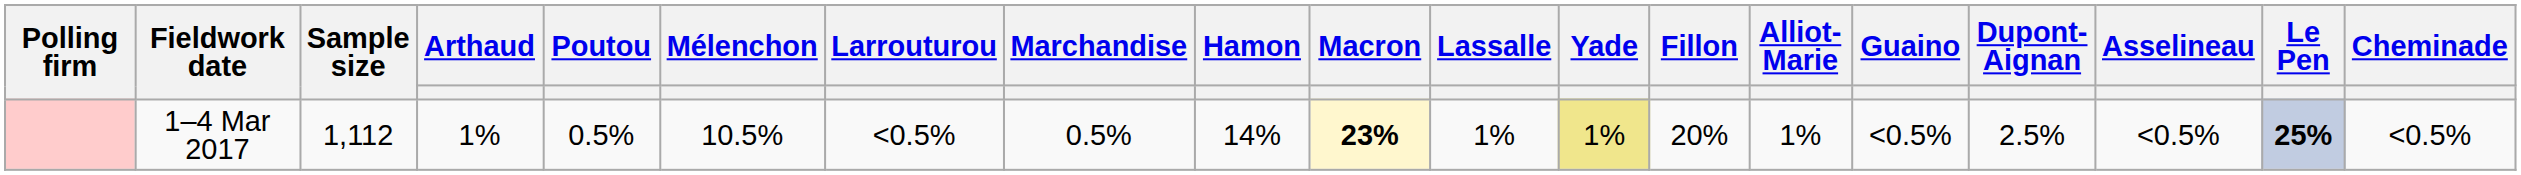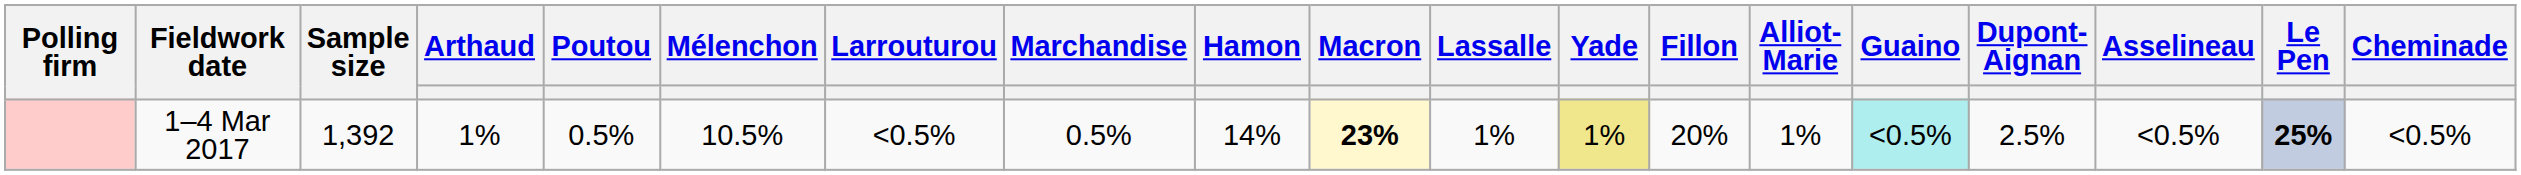 <table class="wikitable sortable" style="text-align:center;font-size:90%;line-height:14px;">
 <tr style="height:40px;">
 <th style="width:100px;" rowspan="2">Polling firm</th>
 <th style="width:110px;" rowspan="2">Fieldwork date</th>
 <th style="width:35px;" rowspan="2">Sample<br>size</th>
 <th class="unsortable" style="width:60px;"><a href='#'>Arthaud</a><br></th>
 <th class="unsortable" style="width:60px;"><a href='#'>Poutou</a><br></th>
 <th class="unsortable" style="width:60px;"><a href='#'>Mélenchon</a><br></th>
 <th class="unsortable" style="width:60px;"><a href='#'>Larrouturou</a><br></th>
 <th class="unsortable" style="width:60px;"><a href='#'>Marchandise</a><br></th>
 <th class="unsortable" style="width:60px;"><a href='#'>Hamon</a><br></th>
 <th class="unsortable" style="width:60px;"><a href='#'>Macron</a><br></th>
 <th class="unsortable" style="width:60px;"><a href='#'>Lassalle</a><br></th>
 <th class="unsortable" style="width:60px;"><a href='#'>Yade</a><br></th>
 <th class="unsortable" style="width:60px;"><a href='#'>Fillon</a><br></th>
 <th class="unsortable" style="width:60px;"><a href='#'>Alliot-Marie</a><br></th>
 <th class="unsortable" style="width:60px;"><a href='#'>Guaino</a><br></th>
 <th class="unsortable" style="width:60px;"><a href='#'>Dupont-Aignan</a><br></th>
 <th class="unsortable" style="width:60px;"><a href='#'>Asselineau</a><br></th>
 <th class="unsortable" style="width:60px;"><a href='#'>Le Pen</a><br></th>
 <th class="unsortable" style="width:60px;"><a href='#'>Cheminade</a><br></th>
 </tr>
 <tr>
 <th style="background:"></th>
 <th style="background:"></th>
 <th style="background:"></th>
 <th style="background:"></th>
 <th style="background:"></th>
 <th style="background:"></th>
 <th style="background:"></th>
 <th style="background:"></th>
 <th style="background:"></th>
 <th style="background:"></th>
 <th style="background:"></th>
 <th style="background:"></th>
 <th style="background:"></th>
 <th style="background:"></th>
 <th style="background:"></th>
 <th style="background:"></th>
 </tr>
 <tr>
 <td style="background:#FFCCCC;"></td>
 <td data-sort-value="2017-03-04">1–4 Mar 2017</td>
-<td>1,112</td>
+<td>1,392</td>
 <td>1%</td>
 <td>0.5%</td>
 <td>10.5%</td>
 <td data-sort-value="0%"><0.5%</td>
 <td>0.5%</td>
 <td>14%</td>
 <td style="background:#FFF7CE;"><strong>23%</strong></td>
 <td>1%</td>
 <td style="background: khaki;">1%</td>
 <td>20%</td>
 <td>1%</td>
-<td data-sort-value="0%"><0.5%</td>
+<td data-sort-value="0%" style="background: paleturquoise;"><0.5%</td>
 <td>2.5%</td>
 <td data-sort-value="0%"><0.5%</td>
 <td style="background:#C1CCE1;"><strong>25%</strong></td>
 <td data-sort-value="0%"><0.5%</td>
 </tr>
 </table>
